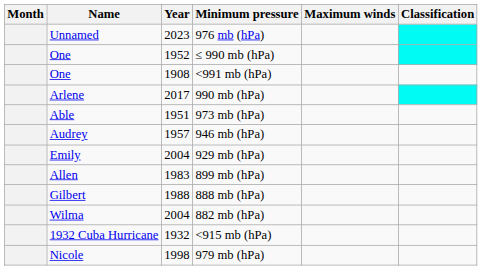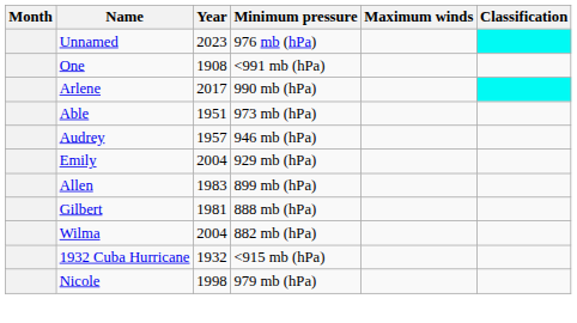 <table class="wikitable plainrowheaders">
 <tr>
 <th scope="col">Month</th>
 <th scope="col">Name</th>
 <th scope="col">Year</th>
 <th scope="col">Minimum pressure</th>
 <th scope="col">Maximum winds</th>
 <th>Classification</th>
 </tr>
 <tr>
 <th></th>
 <td><a href='#'>Unnamed</a></td>
 <td>2023</td>
 <td>976 <a href='#'>mb</a> (<a href='#'>hPa</a>)</td>
-<td></td>
-<td bgcolor="#00faf4"></td>
-</tr>
-<tr>
-<th></th>
-<td><a href='#'>One</a></td>
-<td>1952</td>
-<td>≤ 990 mb (hPa)</td>
 <td></td>
 <td bgcolor="#00faf4"></td>
 </tr>
 <tr>
 <th></th>
 <td><a href='#'>One</a></td>
 <td>1908</td>
 <td><991 mb (hPa)</td>
 <td></td>
 <td></td>
 </tr>
 <tr>
 <th></th>
 <td><a href='#'>Arlene</a></td>
 <td>2017</td>
 <td>990 mb (hPa)</td>
 <td></td>
 <td bgcolor="#00faf4"></td>
 </tr>
 <tr>
 <th></th>
 <td><a href='#'>Able</a></td>
 <td>1951</td>
 <td>973 mb (hPa)</td>
 <td></td>
 <td></td>
 </tr>
 <tr>
 <th></th>
 <td><a href='#'>Audrey</a></td>
 <td>1957</td>
 <td>946 mb (hPa)</td>
 <td></td>
 <td></td>
 </tr>
 <tr>
 <th></th>
 <td><a href='#'>Emily</a></td>
 <td>2004</td>
 <td>929 mb (hPa)</td>
 <td></td>
 <td></td>
 </tr>
 <tr>
 <th></th>
 <td><a href='#'>Allen</a></td>
 <td>1983</td>
 <td>899 mb (hPa)</td>
 <td></td>
 <td></td>
 </tr>
 <tr>
 <th></th>
 <td><a href='#'>Gilbert</a></td>
-<td>1988</td>
+<td>1981</td>
 <td>888 mb (hPa)</td>
 <td></td>
 <td></td>
 </tr>
 <tr>
 <th></th>
 <td><a href='#'>Wilma</a></td>
 <td>2004</td>
 <td>882 mb (hPa)</td>
 <td></td>
 <td></td>
 </tr>
 <tr>
 <th></th>
 <td><a href='#'>1932 Cuba Hurricane</a></td>
 <td>1932</td>
 <td><915 mb (hPa)</td>
 <td></td>
 <td></td>
 </tr>
 <tr>
 <th></th>
 <td><a href='#'>Nicole</a></td>
 <td>1998</td>
 <td>979 mb (hPa)</td>
 <td></td>
 <td></td>
 </tr>
 </table>
